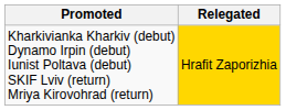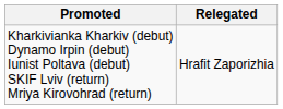 <table class="wikitable">
 <tr>
 <th>Promoted</th>
 <th>Relegated</th>
 </tr>
 <tr>
 <td>Kharkivianka Kharkiv (debut)<br>Dynamo Irpin (debut)<br>Iunist Poltava (debut)<br>SKIF Lviv (return)<br>Mriya Kirovohrad (return)</td>
-<td style="background: gold;">Hrafit Zaporizhia </td>
+<td>Hrafit Zaporizhia </td>
 </tr>
 </table>
